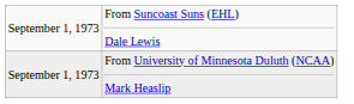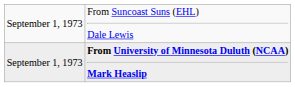 <table class="wikitable">
 <tr>
 <td>September 1, 1973</td>
 <td valign="top">From <a href='#'>Suncoast Suns</a> (<a href='#'>EHL</a>)<hr><a href='#'>Dale Lewis</a></td>
 </tr>
 <tr style="background:#eee;">
 <td>September 1, 1973</td>
-<td valign="top">From <a href='#'>University of Minnesota Duluth</a> (<a href='#'>NCAA</a>)<hr><a href='#'>Mark Heaslip</a></td>
+<td valign="top"><strong>From <a href='#'>University of Minnesota Duluth</a> (<a href='#'>NCAA</a>)<hr><a href='#'>Mark Heaslip</a></strong></td>
 </tr>
 </table>
